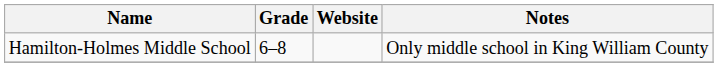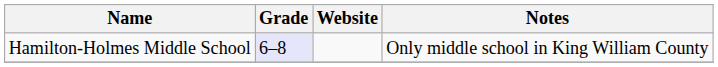 <table class="wikitable">
 <tr>
 <th>Name</th>
 <th>Grade</th>
 <th>Website</th>
 <th>Notes</th>
 </tr>
 <tr>
 <td>Hamilton-Holmes Middle School</td>
-<td>6–8</td>
+<td style="background: lavender;">6–8</td>
 <td></td>
 <td>Only middle school in King William County</td>
 </tr>
 <tr>
 </tr>
 </table>
